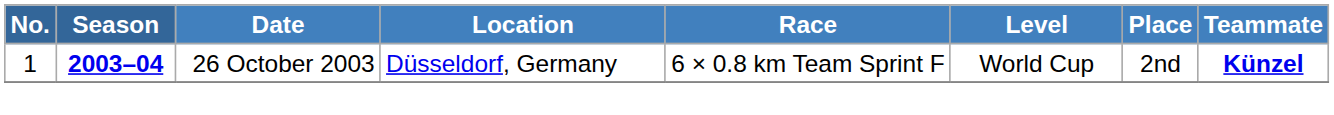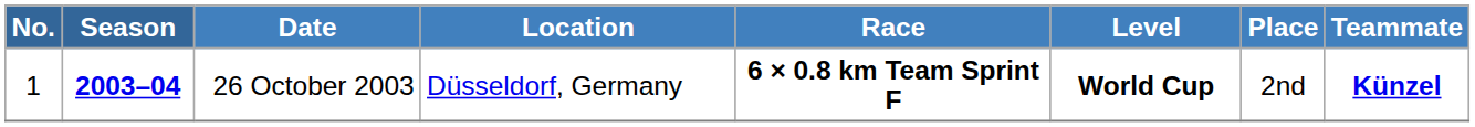 <table class="wikitable sortable" style="font-size:95%; text-align:center; border:grey solid 1px; border-collapse:collapse; background:#ffffff;">
 <tr style="background:#efefef;">
 <th style="background-color:#369; color:white;">No.</th>
 <th style="background-color:#369; color:white;">Season</th>
 <th style="background-color:#4180be; color:white; width:120px;">Date</th>
 <th style="background-color:#4180be; color:white; width:170px;">Location</th>
 <th style="background-color:#4180be; color:white; width:170px;">Race</th>
 <th style="background-color:#4180be; color:white; width:100px;">Level</th>
 <th style="background-color:#4180be; color:white;">Place</th>
 <th style="background-color:#4180be; color:white;">Teammate</th>
 </tr>
 <tr>
 <td align=center>1</td>
 <td rowspan=1 align=center><strong> <a href='#'>2003–04</a> </strong></td>
 <td align=right>26 October 2003</td>
 <td align=left> <a href='#'>Düsseldorf</a>, Germany</td>
-<td>6 × 0.8 km Team Sprint F</td>
-<td>World Cup</td>
+<td><strong>6 × 0.8 km Team Sprint F</strong></td>
+<td><strong>World Cup</strong></td>
 <td>2nd</td>
 <td><strong><a href='#'>Künzel</a></strong></td>
 </tr>
 <tr>
 </tr>
 </table>
